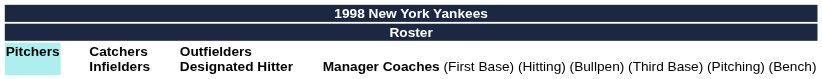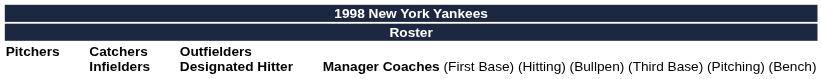 <table class="toccolours" style="font-size: 95%;">
 <tr>
 <th colspan=10 style="background-color: #1c2841; color: white; text-align: center;">1998 New York Yankees</th>
 </tr>
 <tr>
 <td colspan=10 style="background-color:#1c2841; color: white; text-align: center;"><strong>Roster</strong></td>
 </tr>
 <tr>
-<td valign="top" style="background: paleturquoise;"><strong>Pitchers</strong><br>                  </td>
+<td valign="top"><strong>Pitchers</strong><br>                  </td>
 <td width="25px"></td>
 <td valign="top"><strong>Catchers</strong><br>   <strong>Infielders</strong>        </td>
 <td width="25px"></td>
 <td valign="top"><strong>Outfielders</strong><br>       <strong>Designated Hitter</strong> </td>
 <td width="25px"></td>
 <td valign="top"><br><strong>Manager</strong>  <strong>Coaches</strong>  (First Base)  (Hitting)  (Bullpen)  (Third Base)  (Pitching)  (Bench)</td>
 </tr>
 </table>
